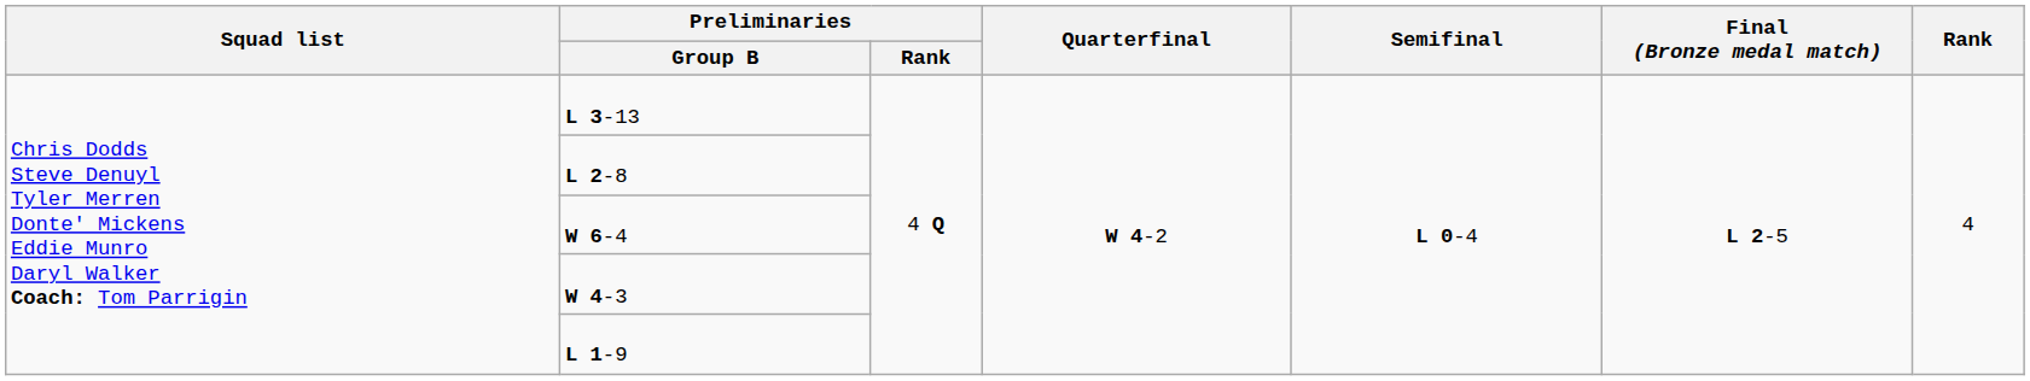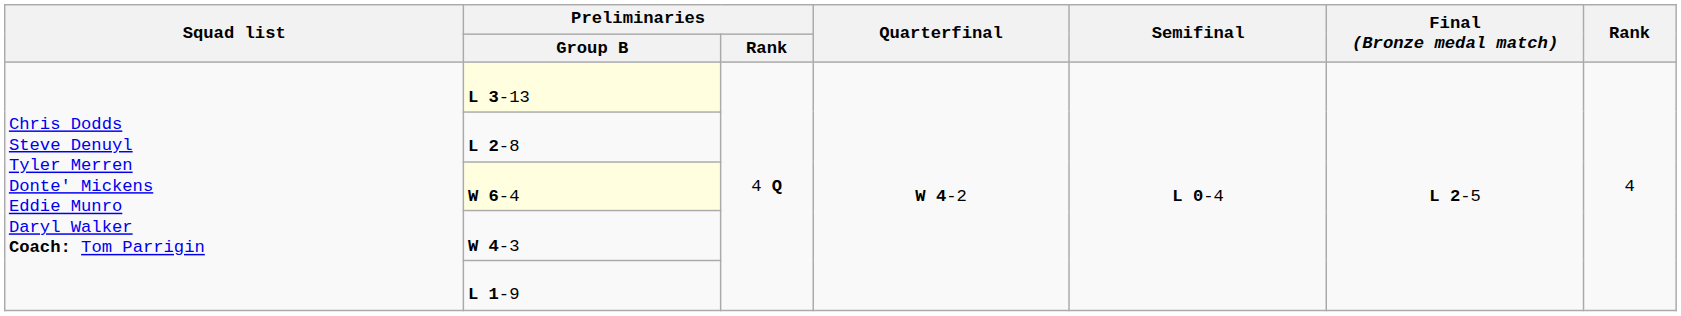 <table class="wikitable" width="90%" style="text-align:left; font-size:90%">
 <tr>
 <th rowspan="2" width="25%">Squad list</th>
 <th colspan="2">Preliminaries</th>
 <th rowspan="2" width="14%">Quarterfinal</th>
 <th rowspan="2" width="14%">Semifinal</th>
 <th rowspan="2" width="14%">Final <br> <em>(Bronze medal match)</em></th>
 <th rowspan="2" width="5%">Rank</th>
 </tr>
 <tr>
 <th width="14%">Group B</th>
 <th width="5%">Rank</th>
 </tr>
 <tr>
 <td rowspan="5"><a href='#'>Chris Dodds</a><br><a href='#'>Steve Denuyl</a><br><a href='#'>Tyler Merren</a><br><a href='#'>Donte' Mickens</a><br><a href='#'>Eddie Munro</a><br><a href='#'>Daryl Walker</a><br> <strong>Coach:</strong> <a href='#'>Tom Parrigin</a></td>
-<td><br><strong>L</strong> <strong>3</strong>-13</td>
+<td style="background: lightyellow;"><br><strong>L</strong> <strong>3</strong>-13</td>
 <td rowspan="5" align=center>4 <strong>Q</strong></td>
 <td rowspan="5" align=center><br><strong>W</strong> <strong>4</strong>-2</td>
 <td rowspan="5" align=center><br><strong>L</strong> <strong>0</strong>-4</td>
 <td rowspan="5" align=center><br><strong>L</strong> <strong>2</strong>-5</td>
 <td rowspan="5" align="center">4</td>
 </tr>
 <tr>
 <td><br><strong>L</strong> <strong>2</strong>-8</td>
 </tr>
 <tr>
-<td><br><strong>W</strong> <strong>6</strong>-4</td>
+<td style="background: lightyellow;"><br><strong>W</strong> <strong>6</strong>-4</td>
 </tr>
 <tr>
 <td><br><strong>W</strong> <strong>4</strong>-3</td>
 </tr>
 <tr>
 <td><br><strong>L</strong> <strong>1</strong>-9</td>
 </tr>
 </table>
